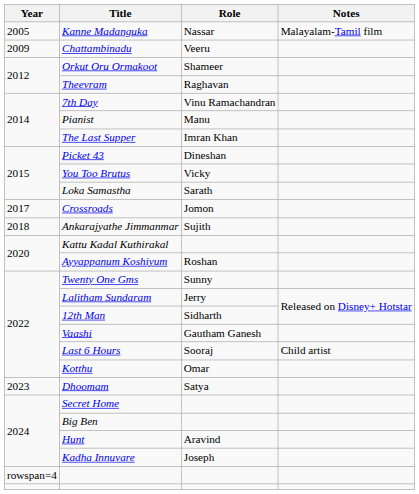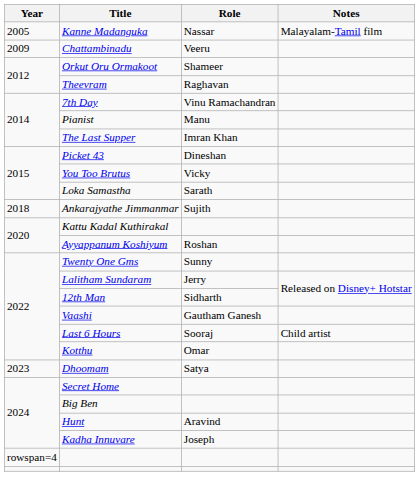 <table class="wikitable sortable">
 <tr>
 <th>Year</th>
 <th>Title</th>
 <th>Role</th>
 <th class="unsortable">Notes</th>
 </tr>
 <tr>
 <td>2005</td>
 <td><em><a href='#'>Kanne Madanguka</a></em></td>
 <td>Nassar</td>
 <td>Malayalam-<a href='#'>Tamil</a> film</td>
 </tr>
 <tr>
 <td>2009</td>
 <td><em><a href='#'>Chattambinadu</a></em></td>
 <td>Veeru</td>
 <td></td>
 </tr>
 <tr>
 <td rowspan=2>2012</td>
 <td><em><a href='#'>Orkut Oru Ormakoot</a></em></td>
 <td>Shameer</td>
 <td></td>
 </tr>
 <tr>
 <td><em><a href='#'>Theevram</a></em></td>
 <td>Raghavan</td>
 <td></td>
 </tr>
 <tr>
 <td rowspan=3>2014</td>
 <td><em><a href='#'>7th Day</a></em></td>
 <td>Vinu Ramachandran</td>
 <td></td>
 </tr>
 <tr>
 <td><em>Pianist</em></td>
 <td>Manu</td>
 <td></td>
 </tr>
 <tr>
 <td><em><a href='#'>The Last Supper</a></em></td>
 <td>Imran Khan</td>
 <td></td>
 </tr>
 <tr>
 <td rowspan=3>2015</td>
 <td><em><a href='#'>Picket 43</a></em></td>
 <td>Dineshan</td>
 <td></td>
 </tr>
 <tr>
 <td><em><a href='#'>You Too Brutus</a></em></td>
 <td>Vicky</td>
 <td></td>
 </tr>
 <tr>
 <td><em>Loka Samastha</em></td>
 <td>Sarath</td>
-<td></td>
-</tr>
-<tr>
-<td>2017</td>
-<td><em><a href='#'>Crossroads</a></em></td>
-<td>Jomon</td>
 <td></td>
 </tr>
 <tr>
 <td>2018</td>
 <td><em>Ankarajyathe Jimmanmar</em></td>
 <td>Sujith</td>
 <td></td>
 </tr>
 <tr>
 <td rowspan=2>2020</td>
 <td><em>Kattu Kadal Kuthirakal</em></td>
 <td></td>
 <td></td>
 </tr>
 <tr>
 <td><em><a href='#'>Ayyappanum Koshiyum</a></em></td>
 <td>Roshan</td>
 <td></td>
 </tr>
 <tr>
 <td rowspan=6>2022</td>
 <td><em><a href='#'>Twenty One Gms</a></em></td>
 <td>Sunny</td>
 <td></td>
 </tr>
 <tr>
 <td><em><a href='#'>Lalitham Sundaram</a></em></td>
 <td>Jerry</td>
 <td rowspan=2>Released on <a href='#'>Disney+ Hotstar</a></td>
 </tr>
 <tr>
 <td><em><a href='#'>12th Man</a></em></td>
 <td>Sidharth</td>
 </tr>
 <tr>
 <td><em><a href='#'>Vaashi</a></em></td>
 <td>Gautham Ganesh</td>
 <td></td>
 </tr>
 <tr>
 <td><em><a href='#'>Last 6 Hours</a></em></td>
 <td>Sooraj</td>
 <td>Child artist</td>
 </tr>
 <tr>
 <td><em><a href='#'>Kotthu</a></em></td>
 <td>Omar</td>
 <td></td>
 </tr>
 <tr>
 <td>2023</td>
 <td><em><a href='#'>Dhoomam</a></em></td>
 <td>Satya</td>
 <td></td>
 </tr>
 <tr>
 <td rowspan=4>2024</td>
 <td><em><a href='#'>Secret Home</a></em></td>
 <td></td>
 <td></td>
 </tr>
 <tr>
 <td><em>Big Ben</em></td>
 <td></td>
 <td></td>
 </tr>
 <tr>
 <td><em><a href='#'>Hunt</a></em></td>
 <td>Aravind</td>
 <td></td>
 </tr>
 <tr>
 <td><em><a href='#'>Kadha Innuvare</a></em></td>
 <td>Joseph</td>
 <td></td>
 </tr>
 <tr>
 <td>rowspan=4 </td>
 <td></td>
 <td></td>
 <td></td>
 </tr>
 <tr>
 <td></td>
 <td></td>
 <td></td>
 </tr>
 </table>
